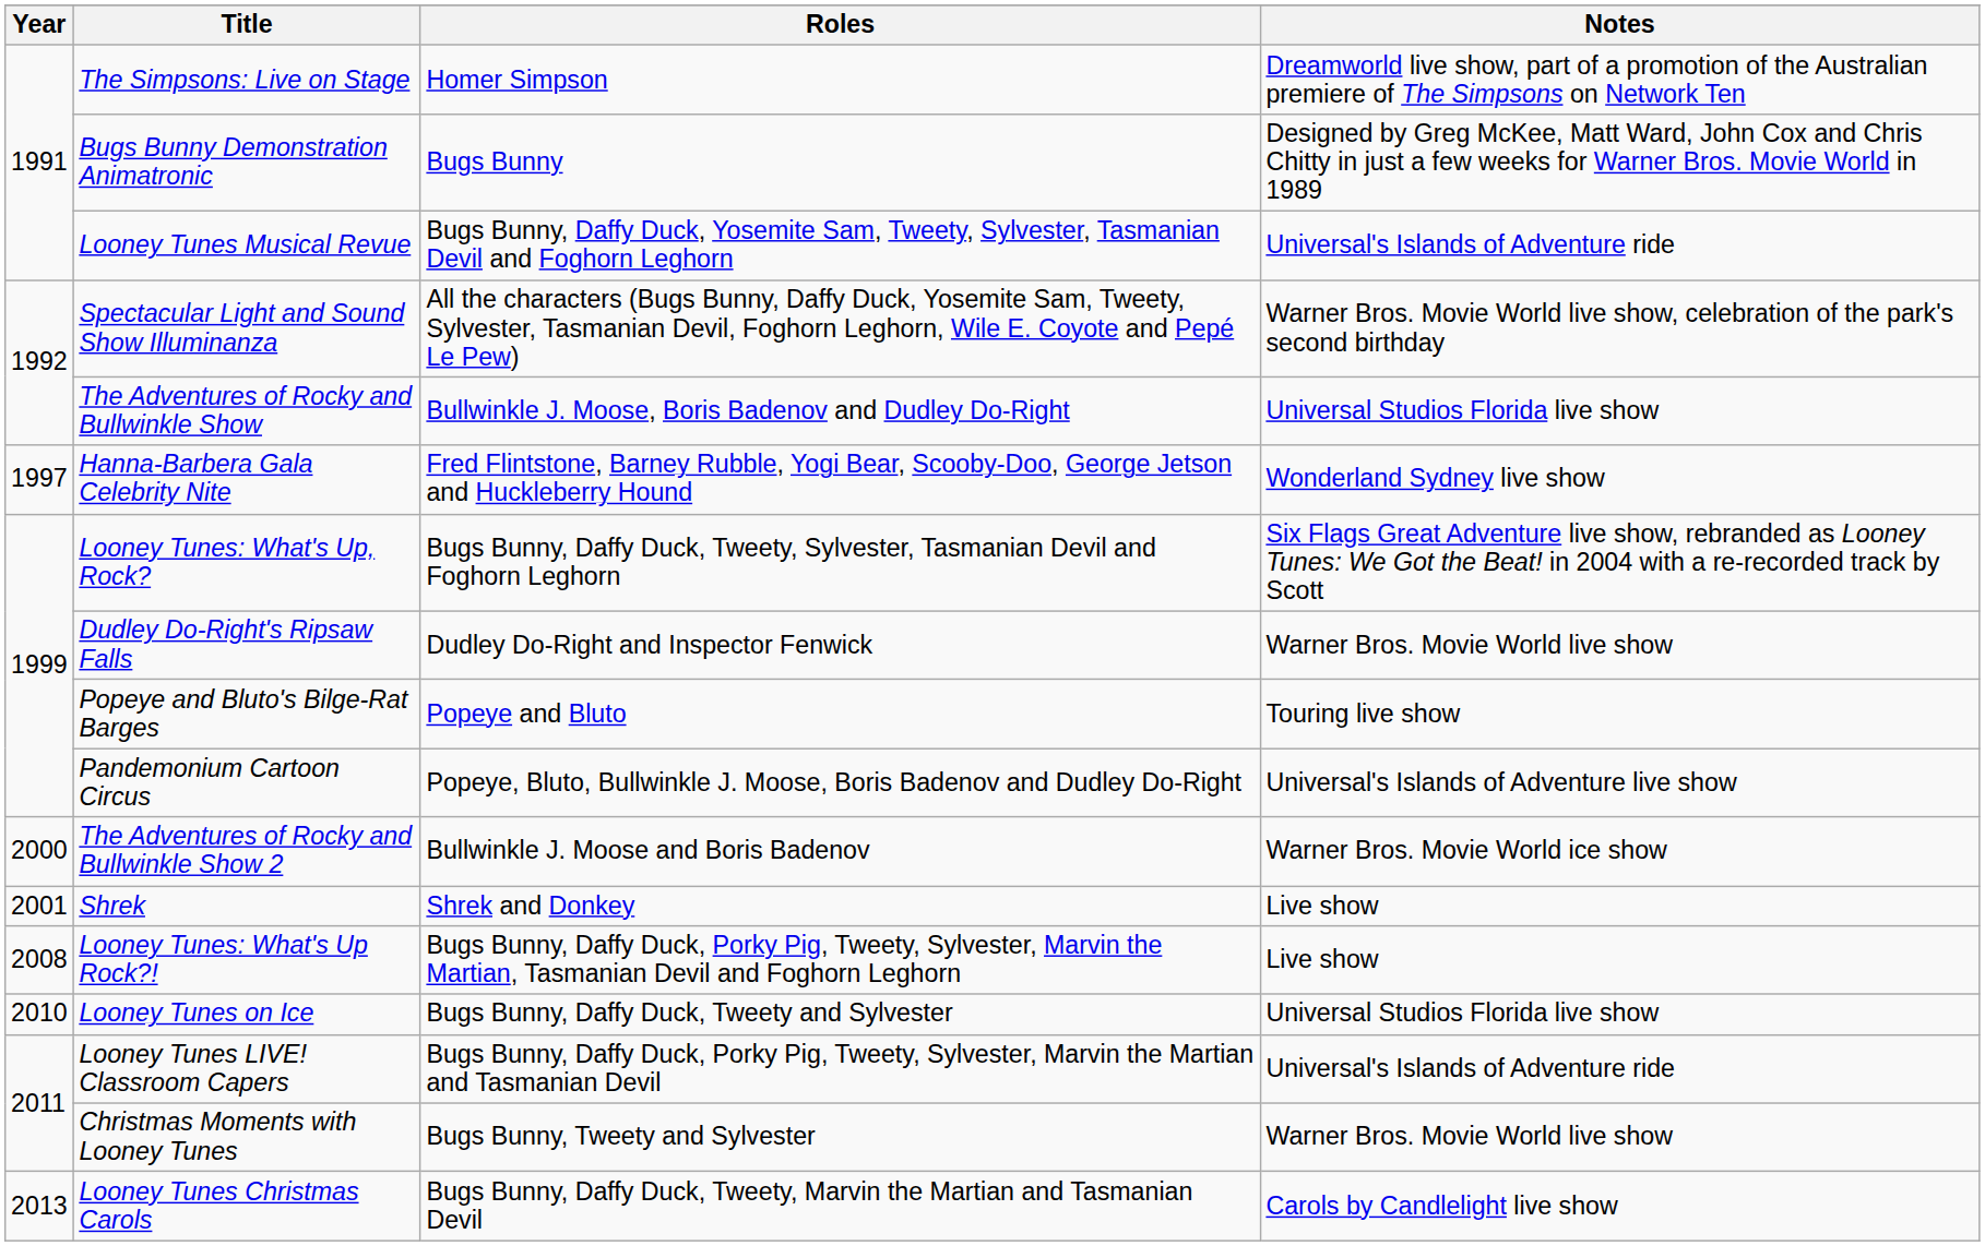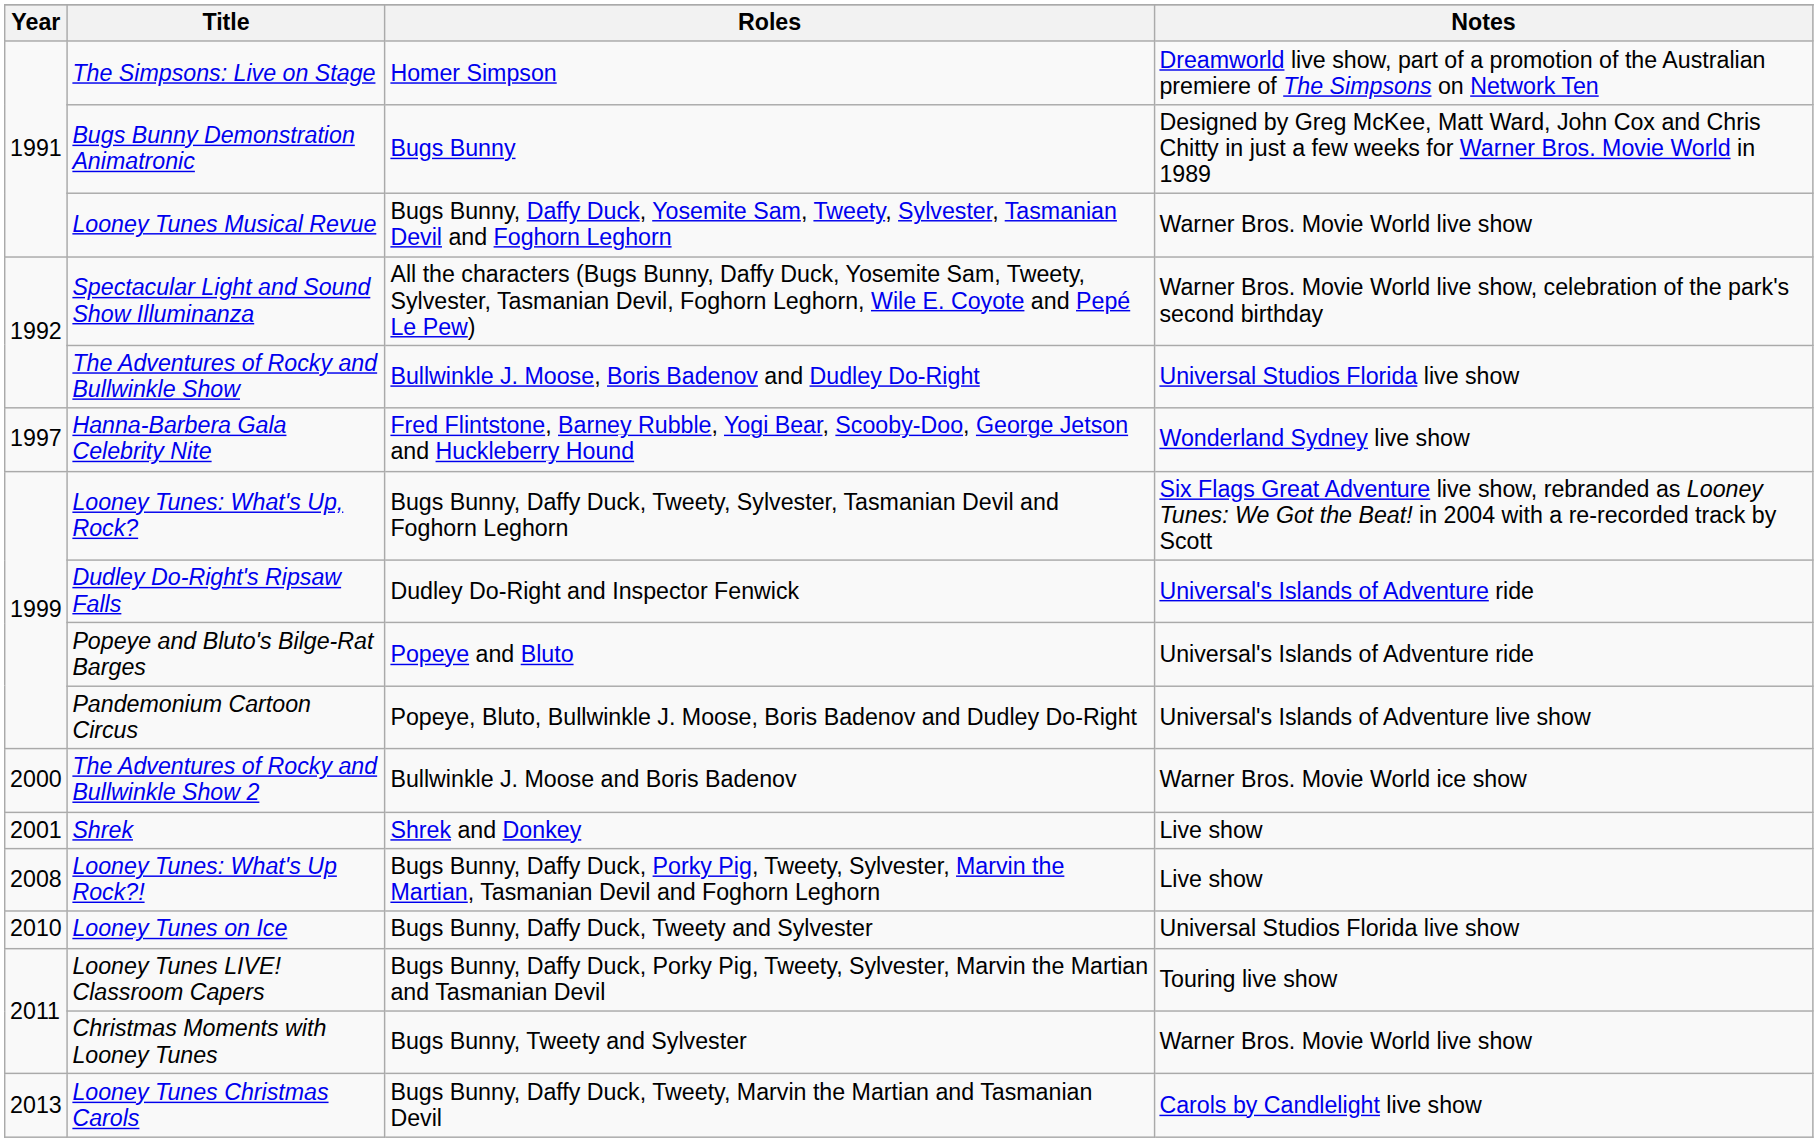 <table class="wikitable">
 <tr style="background:#b0c4de; text-aligb:center;">
 </tr>
 <tr>
 <th>Year</th>
 <th>Title</th>
 <th>Roles</th>
 <th>Notes</th>
 </tr>
 <tr>
 <td rowspan="3">1991</td>
 <td><em><a href='#'>The Simpsons: Live on Stage</a></em></td>
 <td><a href='#'>Homer Simpson</a></td>
 <td><a href='#'>Dreamworld</a> live show, part of a promotion of the Australian premiere of <em><a href='#'>The Simpsons</a></em> on <a href='#'>Network Ten</a></td>
 </tr>
 <tr>
 <td><em><a href='#'>Bugs Bunny Demonstration Animatronic</a></em></td>
 <td><a href='#'>Bugs Bunny</a></td>
 <td>Designed by Greg McKee, Matt Ward, John Cox and Chris Chitty in just a few weeks for <a href='#'>Warner Bros. Movie World</a> in 1989</td>
 </tr>
 <tr>
 <td><em><a href='#'>Looney Tunes Musical Revue</a></em></td>
 <td>Bugs Bunny, <a href='#'>Daffy Duck</a>, <a href='#'>Yosemite Sam</a>, <a href='#'>Tweety</a>, <a href='#'>Sylvester</a>, <a href='#'>Tasmanian Devil</a> and <a href='#'>Foghorn Leghorn</a></td>
-<td><a href='#'>Universal's Islands of Adventure</a> ride</td>
+<td>Warner Bros. Movie World live show</td>
 </tr>
 <tr>
 <td rowspan="2">1992</td>
 <td><em><a href='#'>Spectacular Light and Sound Show Illuminanza</a></em></td>
 <td>All the characters (Bugs Bunny, Daffy Duck, Yosemite Sam, Tweety, Sylvester, Tasmanian Devil, Foghorn Leghorn, <a href='#'>Wile E. Coyote</a> and <a href='#'>Pepé Le Pew</a>)</td>
 <td>Warner Bros. Movie World live show, celebration of the park's second birthday</td>
 </tr>
 <tr>
 <td><em><a href='#'>The Adventures of Rocky and Bullwinkle Show</a></em></td>
 <td><a href='#'>Bullwinkle J. Moose</a>, <a href='#'>Boris Badenov</a> and <a href='#'>Dudley Do-Right</a></td>
 <td><a href='#'>Universal Studios Florida</a> live show</td>
 </tr>
 <tr>
 <td>1997</td>
 <td><em><a href='#'>Hanna-Barbera Gala Celebrity Nite</a></em></td>
 <td><a href='#'>Fred Flintstone</a>, <a href='#'>Barney Rubble</a>, <a href='#'>Yogi Bear</a>, <a href='#'>Scooby-Doo</a>, <a href='#'>George Jetson</a> and <a href='#'>Huckleberry Hound</a></td>
 <td><a href='#'>Wonderland Sydney</a> live show</td>
 </tr>
 <tr>
 <td rowspan="4">1999</td>
 <td><em><a href='#'>Looney Tunes: What's Up, Rock?</a></em></td>
 <td>Bugs Bunny, Daffy Duck, Tweety, Sylvester, Tasmanian Devil and Foghorn Leghorn</td>
 <td><a href='#'>Six Flags Great Adventure</a> live show, rebranded as <em>Looney Tunes: We Got the Beat!</em> in 2004 with a re-recorded track by Scott</td>
 </tr>
 <tr>
 <td><em><a href='#'>Dudley Do-Right's Ripsaw Falls</a></em></td>
 <td>Dudley Do-Right and Inspector Fenwick</td>
-<td>Warner Bros. Movie World live show</td>
+<td><a href='#'>Universal's Islands of Adventure</a> ride</td>
 </tr>
 <tr>
 <td><em>Popeye and Bluto's Bilge-Rat Barges</em></td>
 <td><a href='#'>Popeye</a> and <a href='#'>Bluto</a></td>
-<td>Touring live show</td>
+<td>Universal's Islands of Adventure ride</td>
 </tr>
 <tr>
 <td><em>Pandemonium Cartoon Circus</em></td>
 <td>Popeye, Bluto, Bullwinkle J. Moose, Boris Badenov and Dudley Do-Right</td>
 <td>Universal's Islands of Adventure live show</td>
 </tr>
 <tr>
 <td>2000</td>
 <td><em><a href='#'>The Adventures of Rocky and Bullwinkle Show 2</a></em></td>
 <td>Bullwinkle J. Moose and Boris Badenov</td>
 <td>Warner Bros. Movie World ice show</td>
 </tr>
 <tr>
 <td>2001</td>
 <td><em><a href='#'>Shrek</a></em></td>
 <td><a href='#'>Shrek</a> and <a href='#'>Donkey</a></td>
 <td>Live show</td>
 </tr>
 <tr>
 <td>2008</td>
 <td><em><a href='#'>Looney Tunes: What's Up Rock?!</a></em></td>
 <td>Bugs Bunny, Daffy Duck, <a href='#'>Porky Pig</a>, Tweety, Sylvester, <a href='#'>Marvin the Martian</a>, Tasmanian Devil and Foghorn Leghorn</td>
 <td>Live show</td>
 </tr>
 <tr>
 <td>2010</td>
 <td><em><a href='#'>Looney Tunes on Ice</a></em></td>
 <td>Bugs Bunny, Daffy Duck, Tweety and Sylvester</td>
 <td>Universal Studios Florida live show</td>
 </tr>
 <tr>
 <td rowspan="2">2011</td>
 <td><em>Looney Tunes LIVE! Classroom Capers</em></td>
 <td>Bugs Bunny, Daffy Duck, Porky Pig, Tweety, Sylvester, Marvin the Martian and Tasmanian Devil</td>
-<td>Universal's Islands of Adventure ride</td>
+<td>Touring live show</td>
 </tr>
 <tr>
 <td><em>Christmas Moments with Looney Tunes</em></td>
 <td>Bugs Bunny, Tweety and Sylvester</td>
 <td>Warner Bros. Movie World live show</td>
 </tr>
 <tr>
 <td>2013</td>
 <td><em><a href='#'>Looney Tunes Christmas Carols</a></em></td>
 <td>Bugs Bunny, Daffy Duck, Tweety, Marvin the Martian and Tasmanian Devil</td>
 <td><a href='#'>Carols by Candlelight</a> live show</td>
 </tr>
 </table>
